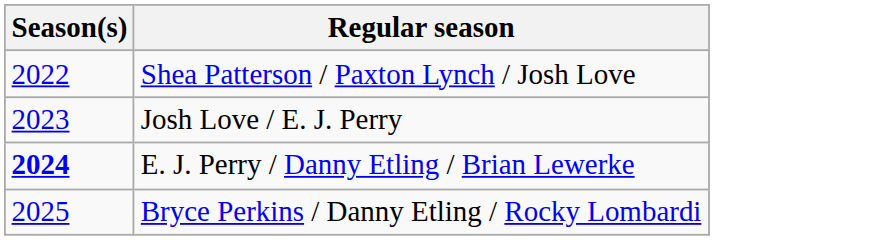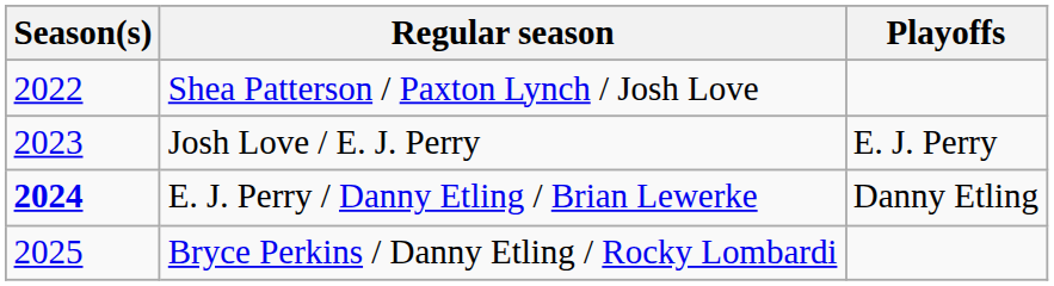 <table class="wikitable">
 <tr>
 <th>Season(s)</th>
 <th>Regular season</th>
+<th>Playoffs</th>
 </tr>
 <tr>
 <td><a href='#'>2022</a></td>
 <td><a href='#'>Shea Patterson</a>  / <a href='#'>Paxton Lynch</a>  / Josh Love </td>
+<td></td>
 </tr>
 <tr>
 <td><a href='#'>2023</a></td>
 <td>Josh Love  / E. J. Perry </td>
+<td>E. J. Perry </td>
 </tr>
 <tr>
 <td><strong><a href='#'>2024</a></strong></td>
 <td>E. J. Perry  / <a href='#'>Danny Etling</a>  / <a href='#'>Brian Lewerke</a> </td>
+<td>Danny Etling </td>
 </tr>
 <tr>
 <td><a href='#'>2025</a></td>
 <td><a href='#'>Bryce Perkins</a>  / Danny Etling  / <a href='#'>Rocky Lombardi</a> </td>
+<td></td>
 </tr>
 </table>
